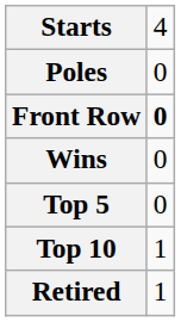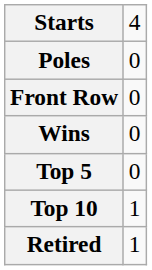 <table class="wikitable" style="text-align:center">
 <tr>
 <th>Starts</th>
 <td>4</td>
 </tr>
 <tr>
 <th>Poles</th>
 <td>0</td>
 </tr>
 <tr>
 <th>Front Row</th>
-<td><strong>0</strong></td>
+<td>0</td>
 </tr>
 <tr>
 <th>Wins</th>
 <td>0</td>
 </tr>
 <tr>
 <th>Top 5</th>
 <td>0</td>
 </tr>
 <tr>
 <th>Top 10</th>
 <td>1</td>
 </tr>
 <tr>
 <th>Retired</th>
 <td>1</td>
 </tr>
 </table>
